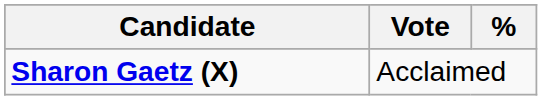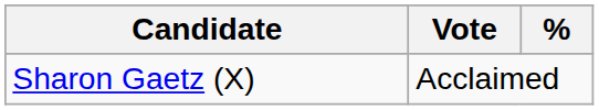 <table class="wikitable">
 <tr>
 <th bgcolor="#DDDDFF" width="200px">Candidate</th>
 <th bgcolor="#DDDDFF" width="50px">Vote</th>
 <th bgcolor="#DDDDFF" width="30px">%</th>
 </tr>
 <tr>
-<td><strong><a href='#'>Sharon Gaetz</a> (X)</strong></td>
+<td><a href='#'>Sharon Gaetz</a> (X)</td>
 <td colspan="2">Acclaimed</td>
 </tr>
 </table>
